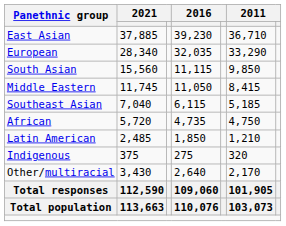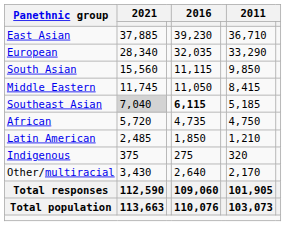 <table class="wikitable collapsible sortable">
 <tr>
 <th rowspan="2"><a href='#'>Panethnic</a> group</th>
 <th colspan="2">2021</th>
 <th colspan="2">2016</th>
 <th colspan="2">2011</th>
 </tr>
 <tr>
 <th><a href='#'></a></th>
 <th></th>
 <th></th>
 <th></th>
 <th></th>
 <th></th>
 </tr>
 <tr>
 <td><a href='#'>East Asian</a></td>
 <td>37,885</td>
 <td></td>
 <td>39,230</td>
 <td></td>
 <td>36,710</td>
 <td></td>
 </tr>
 <tr>
 <td><a href='#'>European</a></td>
 <td>28,340</td>
 <td></td>
 <td>32,035</td>
 <td></td>
 <td>33,290</td>
 <td></td>
 </tr>
 <tr>
 <td><a href='#'>South Asian</a></td>
 <td>15,560</td>
 <td></td>
 <td>11,115</td>
 <td></td>
 <td>9,850</td>
 <td></td>
 </tr>
 <tr>
 <td><a href='#'>Middle Eastern</a></td>
 <td>11,745</td>
 <td></td>
 <td>11,050</td>
 <td></td>
 <td>8,415</td>
 <td></td>
 </tr>
 <tr>
 <td><a href='#'>Southeast Asian</a></td>
-<td>7,040</td>
+<td style="background: lightgrey;">7,040</td>
 <td></td>
-<td>6,115</td>
+<td><strong>6,115</strong></td>
 <td></td>
 <td>5,185</td>
 <td></td>
 </tr>
 <tr>
 <td><a href='#'>African</a></td>
 <td>5,720</td>
 <td></td>
 <td>4,735</td>
 <td></td>
 <td>4,750</td>
 <td></td>
 </tr>
 <tr>
 <td><a href='#'>Latin American</a></td>
 <td>2,485</td>
 <td></td>
 <td>1,850</td>
 <td></td>
 <td>1,210</td>
 <td></td>
 </tr>
 <tr>
 <td><a href='#'>Indigenous</a></td>
 <td>375</td>
 <td></td>
 <td>275</td>
 <td></td>
 <td>320</td>
 <td></td>
 </tr>
 <tr>
 <td>Other/<a href='#'>multiracial</a></td>
 <td>3,430</td>
 <td></td>
 <td>2,640</td>
 <td></td>
 <td>2,170</td>
 <td></td>
 </tr>
 <tr>
 <th>Total responses</th>
 <th>112,590</th>
 <th></th>
 <th>109,060</th>
 <th></th>
 <th>101,905</th>
 <th></th>
 </tr>
 <tr class="sortbottom">
 <th>Total population</th>
 <th>113,663</th>
 <th></th>
 <th>110,076</th>
 <th></th>
 <th>103,073</th>
 <th></th>
 </tr>
 <tr class="sortbottom">
 <td colspan="15"></td>
 </tr>
 </table>
